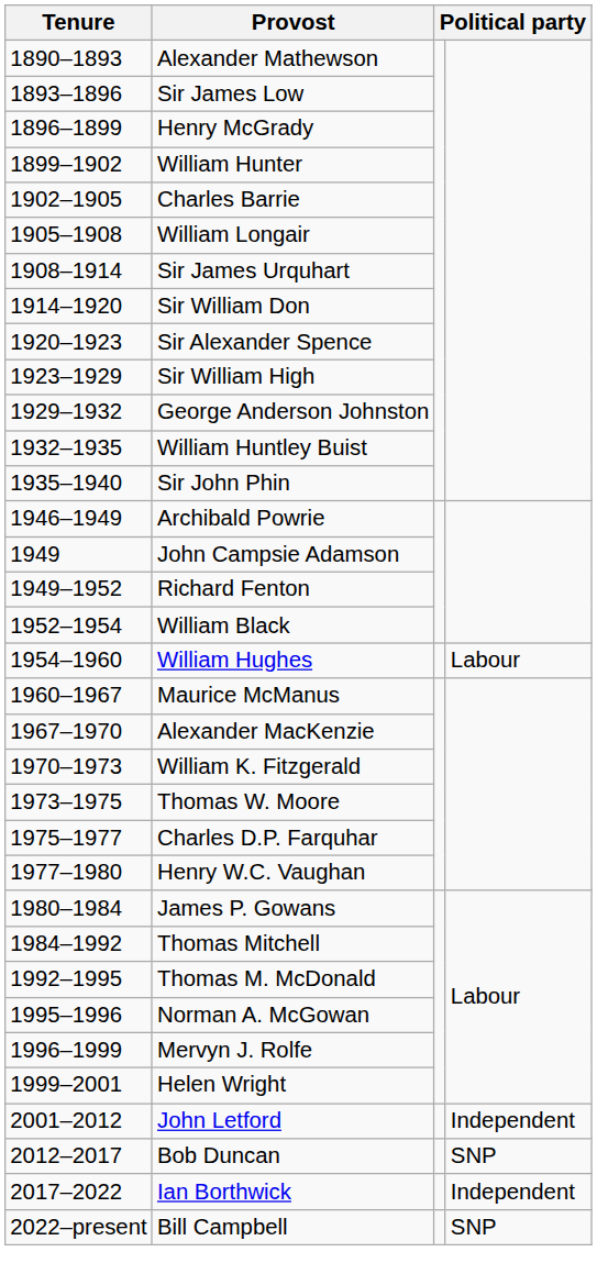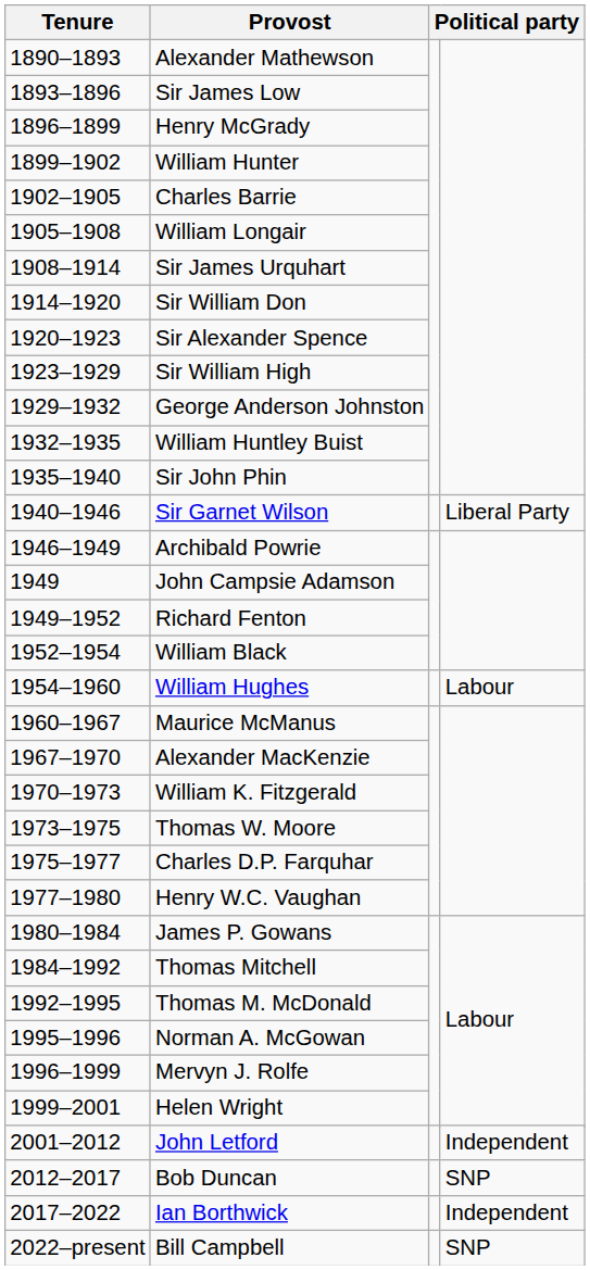 <table class="wikitable">
 <tr>
 <th>Tenure</th>
 <th>Provost</th>
 <th colspan="2">Political party</th>
 </tr>
 <tr>
 <td>1890–1893</td>
 <td>Alexander Mathewson</td>
 <td rowspan="13"></td>
 <td rowspan="13"></td>
 </tr>
 <tr>
 <td>1893–1896</td>
 <td>Sir James Low</td>
 </tr>
 <tr>
 <td>1896–1899</td>
 <td>Henry McGrady</td>
 </tr>
 <tr>
 <td>1899–1902</td>
 <td>William Hunter</td>
 </tr>
 <tr>
 <td>1902–1905</td>
 <td>Charles Barrie</td>
 </tr>
 <tr>
 <td>1905–1908</td>
 <td>William Longair</td>
 </tr>
 <tr>
 <td>1908–1914</td>
 <td>Sir James Urquhart</td>
 </tr>
 <tr>
 <td>1914–1920</td>
 <td>Sir William Don</td>
 </tr>
 <tr>
 <td>1920–1923</td>
 <td>Sir Alexander Spence</td>
 </tr>
 <tr>
 <td>1923–1929</td>
 <td>Sir William High</td>
 </tr>
 <tr>
 <td>1929–1932</td>
 <td>George Anderson Johnston</td>
 </tr>
 <tr>
 <td>1932–1935</td>
 <td>William Huntley Buist</td>
 </tr>
 <tr>
 <td>1935–1940</td>
 <td>Sir John Phin</td>
+</tr>
+<tr>
+<td>1940–1946</td>
+<td><a href='#'>Sir Garnet Wilson</a></td>
+<td style="background-color: "></td>
+<td>Liberal Party</td>
 </tr>
 <tr>
 <td>1946–1949</td>
 <td>Archibald Powrie</td>
 <td rowspan="4"></td>
 <td rowspan="4"></td>
 </tr>
 <tr>
 <td>1949</td>
 <td>John Campsie Adamson</td>
 </tr>
 <tr>
 <td>1949–1952</td>
 <td>Richard Fenton</td>
 </tr>
 <tr>
 <td>1952–1954</td>
 <td>William Black</td>
 </tr>
 <tr>
 <td>1954–1960</td>
 <td><a href='#'>William Hughes</a></td>
 <td style="background-color: "></td>
 <td>Labour</td>
 </tr>
 <tr>
 <td>1960–1967</td>
 <td>Maurice McManus</td>
 <td rowspan="6"></td>
 <td rowspan="6"></td>
 </tr>
 <tr>
 <td>1967–1970</td>
 <td>Alexander MacKenzie</td>
 </tr>
 <tr>
 <td>1970–1973</td>
 <td>William K. Fitzgerald</td>
 </tr>
 <tr>
 <td>1973–1975</td>
 <td>Thomas W. Moore</td>
 </tr>
 <tr>
 <td>1975–1977</td>
 <td>Charles D.P. Farquhar</td>
 </tr>
 <tr>
 <td>1977–1980</td>
 <td>Henry W.C. Vaughan</td>
 </tr>
 <tr>
 <td>1980–1984</td>
 <td>James P. Gowans</td>
 <td rowspan="7;" style="background-color: "></td>
 <td rowspan="7">Labour</td>
 </tr>
 <tr>
 <td>1984–1992</td>
 <td>Thomas Mitchell</td>
 </tr>
 <tr>
 <td>1992–1995</td>
 <td>Thomas M. McDonald</td>
 </tr>
 <tr>
 <td>1995–1996</td>
 <td>Norman A. McGowan</td>
 </tr>
 <tr>
 <td>1996–1999</td>
 <td>Mervyn J. Rolfe</td>
 </tr>
 <tr>
 <td>1999–2001</td>
 <td>Helen Wright</td>
 </tr>
 <tr>
 <td rowspan="2">2001–2012</td>
 <td rowspan="2"><a href='#'>John Letford</a></td>
 </tr>
 <tr>
 <td style="background-color: "></td>
 <td>Independent</td>
 </tr>
 <tr>
 <td>2012–2017</td>
 <td>Bob Duncan</td>
 <td style="background-color: "></td>
 <td>SNP</td>
 </tr>
 <tr>
 <td>2017–2022</td>
 <td><a href='#'>Ian Borthwick</a></td>
 <td style="background-color: "></td>
 <td>Independent</td>
 </tr>
 <tr>
 <td>2022–present</td>
 <td>Bill Campbell</td>
 <td style="background-color: "></td>
 <td>SNP</td>
 </tr>
 </table>
